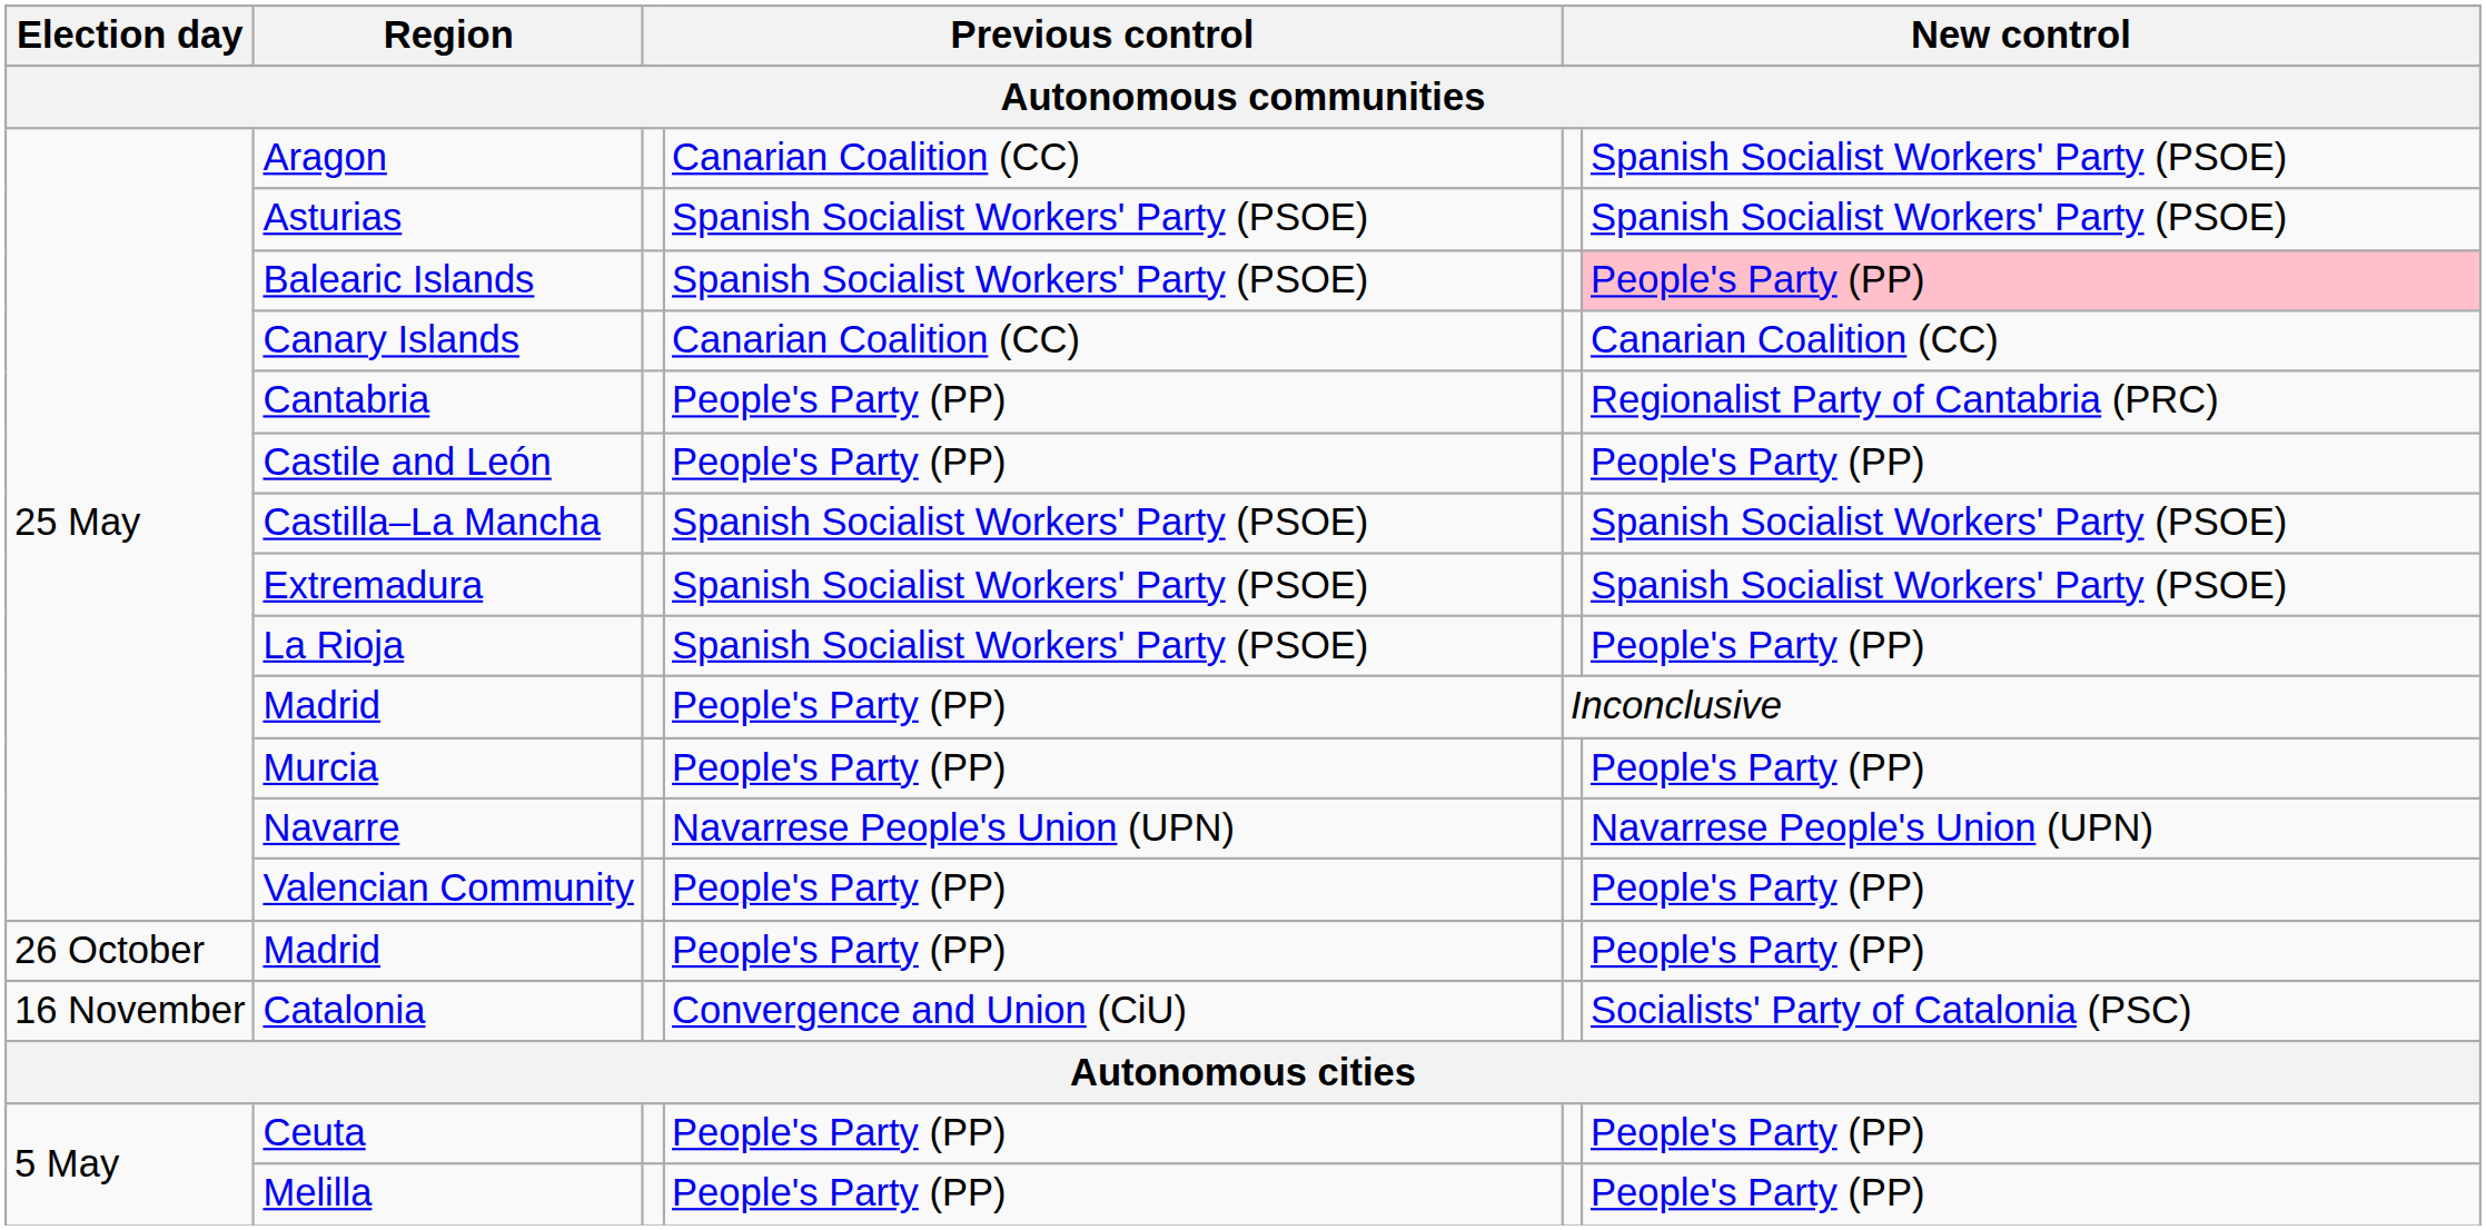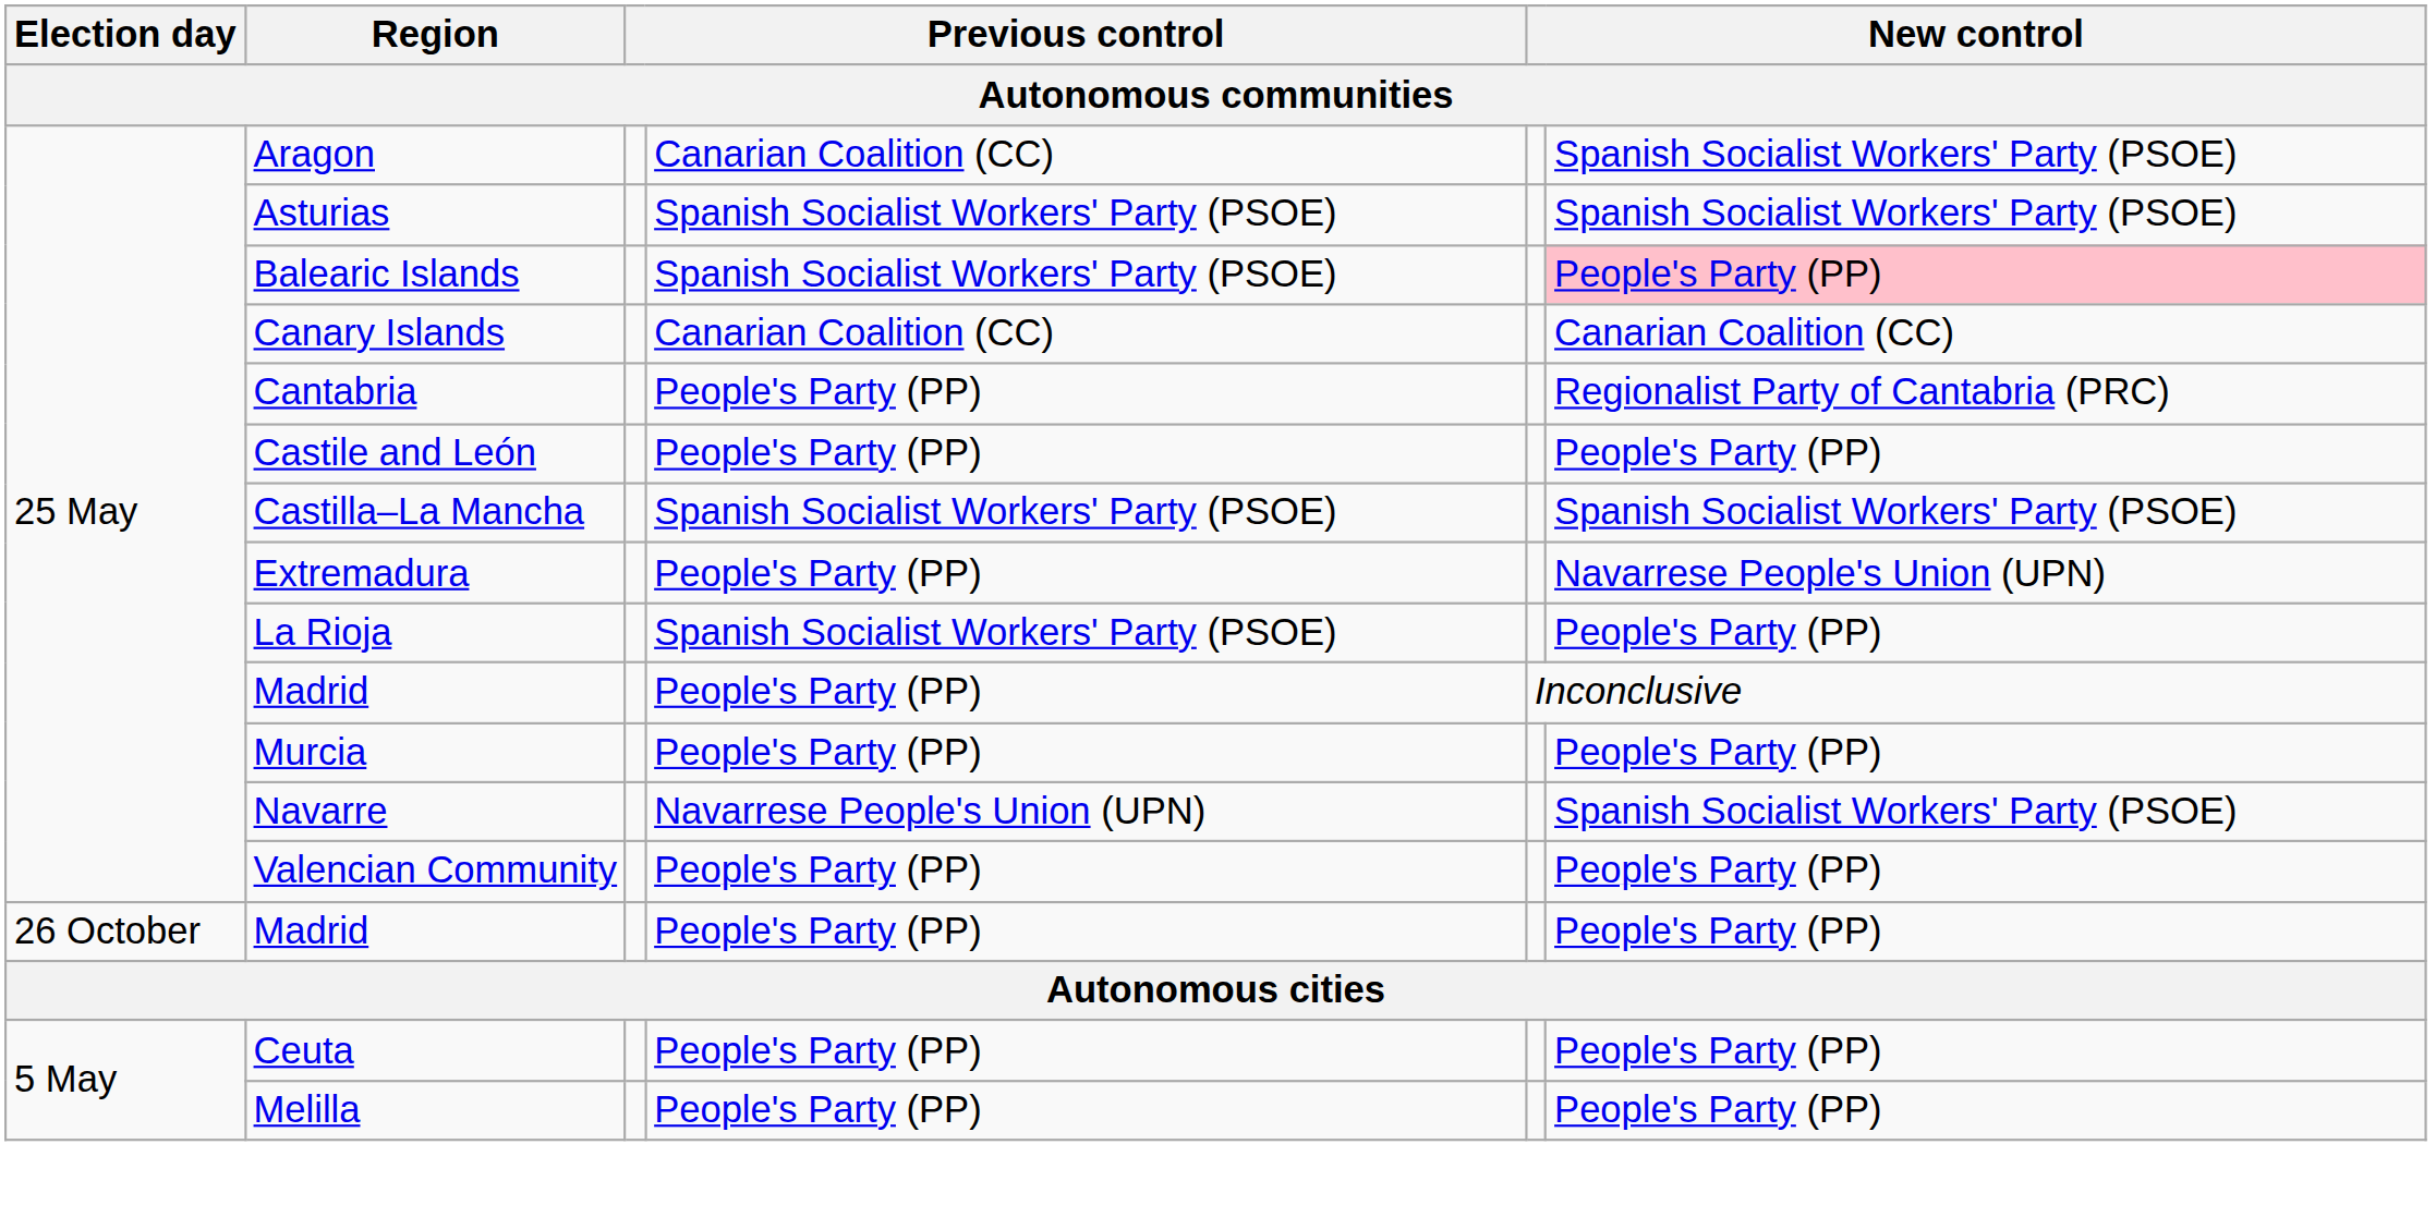 <table class="wikitable">
 <tr>
 <th>Election day</th>
 <th>Region</th>
 <th colspan="2" style="width:375px;">Previous control</th>
 <th colspan="2" style="width:375px;">New control</th>
 </tr>
 <tr>
 <th colspan="6">Autonomous communities</th>
 </tr>
 <tr>
 <td rowspan="13">25 May</td>
 <td><a href='#'>Aragon</a></td>
 <td width="1" style="color:inherit;background:"></td>
 <td><a href='#'>Canarian Coalition</a> (CC)</td>
 <td width="1" style="color:inherit;background:"></td>
 <td><a href='#'>Spanish Socialist Workers' Party</a> (PSOE)</td>
 </tr>
 <tr>
 <td><a href='#'>Asturias</a></td>
 <td style="color:inherit;background:"></td>
 <td><a href='#'>Spanish Socialist Workers' Party</a> (PSOE)</td>
 <td style="color:inherit;background:"></td>
 <td><a href='#'>Spanish Socialist Workers' Party</a> (PSOE)</td>
 </tr>
 <tr>
 <td><a href='#'>Balearic Islands</a></td>
 <td style="color:inherit;background:"></td>
 <td><a href='#'>Spanish Socialist Workers' Party</a> (PSOE)</td>
 <td style="color:inherit;background:"></td>
 <td style="background: pink;"><a href='#'>People's Party</a> (PP)</td>
 </tr>
 <tr>
 <td><a href='#'>Canary Islands</a></td>
 <td style="color:inherit;background:"></td>
 <td><a href='#'>Canarian Coalition</a> (CC)</td>
 <td style="color:inherit;background:"></td>
 <td><a href='#'>Canarian Coalition</a> (CC)</td>
 </tr>
 <tr>
 <td><a href='#'>Cantabria</a></td>
 <td style="color:inherit;background:"></td>
 <td><a href='#'>People's Party</a> (PP)</td>
 <td style="color:inherit;background:"></td>
 <td><a href='#'>Regionalist Party of Cantabria</a> (PRC)</td>
 </tr>
 <tr>
 <td><a href='#'>Castile and León</a></td>
 <td style="color:inherit;background:"></td>
 <td><a href='#'>People's Party</a> (PP)</td>
 <td style="color:inherit;background:"></td>
 <td><a href='#'>People's Party</a> (PP)</td>
 </tr>
 <tr>
 <td><a href='#'>Castilla–La Mancha</a></td>
 <td style="color:inherit;background:"></td>
 <td><a href='#'>Spanish Socialist Workers' Party</a> (PSOE)</td>
 <td style="color:inherit;background:"></td>
 <td><a href='#'>Spanish Socialist Workers' Party</a> (PSOE)</td>
 </tr>
 <tr>
 <td><a href='#'>Extremadura</a></td>
 <td style="color:inherit;background:"></td>
-<td><a href='#'>Spanish Socialist Workers' Party</a> (PSOE)</td>
+<td><a href='#'>People's Party</a> (PP)</td>
 <td style="color:inherit;background:"></td>
-<td><a href='#'>Spanish Socialist Workers' Party</a> (PSOE)</td>
+<td><a href='#'>Navarrese People's Union</a> (UPN)</td>
 </tr>
 <tr>
 <td><a href='#'>La Rioja</a></td>
 <td style="color:inherit;background:"></td>
 <td><a href='#'>Spanish Socialist Workers' Party</a> (PSOE)</td>
 <td style="color:inherit;background:"></td>
 <td><a href='#'>People's Party</a> (PP)</td>
 </tr>
 <tr>
 <td><a href='#'>Madrid</a></td>
 <td style="color:inherit;background:"></td>
 <td><a href='#'>People's Party</a> (PP)</td>
 <td colspan="2"><em>Inconclusive</em></td>
 </tr>
 <tr>
 <td><a href='#'>Murcia</a></td>
 <td style="color:inherit;background:"></td>
 <td><a href='#'>People's Party</a> (PP)</td>
 <td style="color:inherit;background:"></td>
 <td><a href='#'>People's Party</a> (PP)</td>
 </tr>
 <tr>
 <td><a href='#'>Navarre</a></td>
 <td style="color:inherit;background:"></td>
 <td><a href='#'>Navarrese People's Union</a> (UPN)</td>
 <td style="color:inherit;background:"></td>
-<td><a href='#'>Navarrese People's Union</a> (UPN)</td>
+<td><a href='#'>Spanish Socialist Workers' Party</a> (PSOE)</td>
 </tr>
 <tr>
 <td><a href='#'>Valencian Community</a></td>
 <td style="color:inherit;background:"></td>
 <td><a href='#'>People's Party</a> (PP)</td>
 <td style="color:inherit;background:"></td>
 <td><a href='#'>People's Party</a> (PP)</td>
 </tr>
 <tr>
 <td>26 October</td>
 <td><a href='#'>Madrid</a></td>
 <td style="color:inherit;background:"></td>
 <td><a href='#'>People's Party</a> (PP)</td>
 <td style="color:inherit;background:"></td>
 <td><a href='#'>People's Party</a> (PP)</td>
-</tr>
-<tr>
-<td>16 November</td>
-<td><a href='#'>Catalonia</a></td>
-<td style="color:inherit;background:"></td>
-<td><a href='#'>Convergence and Union</a> (CiU)</td>
-<td style="color:inherit;background:"></td>
-<td><a href='#'>Socialists' Party of Catalonia</a> (PSC)</td>
 </tr>
 <tr>
 <th colspan="6">Autonomous cities</th>
 </tr>
 <tr>
 <td rowspan="2">5 May</td>
 <td><a href='#'>Ceuta</a></td>
 <td style="color:inherit;background:"></td>
 <td><a href='#'>People's Party</a> (PP)</td>
 <td style="color:inherit;background:"></td>
 <td><a href='#'>People's Party</a> (PP)</td>
 </tr>
 <tr>
 <td><a href='#'>Melilla</a></td>
 <td style="color:inherit;background:"></td>
 <td><a href='#'>People's Party</a> (PP)</td>
 <td style="color:inherit;background:"></td>
 <td><a href='#'>People's Party</a> (PP)</td>
 </tr>
 </table>
